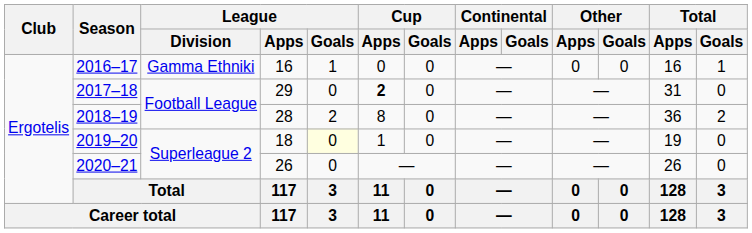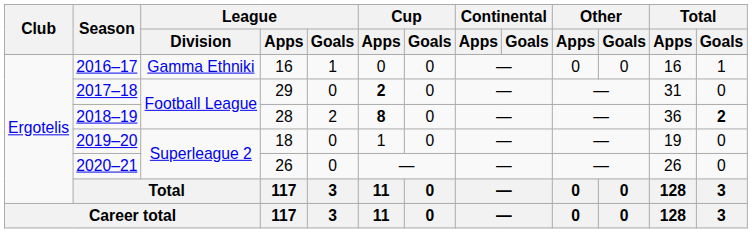 <table class="wikitable" style="text-align:center">
 <tr>
 <th rowspan="2">Club</th>
 <th rowspan="2">Season</th>
 <th colspan="3">League</th>
 <th colspan="2">Cup</th>
 <th colspan="2">Continental</th>
 <th colspan="2">Other</th>
 <th colspan="2">Total</th>
 </tr>
 <tr>
 <th>Division</th>
 <th>Apps</th>
 <th>Goals</th>
 <th>Apps</th>
 <th>Goals</th>
 <th>Apps</th>
 <th>Goals</th>
 <th>Apps</th>
 <th>Goals</th>
 <th>Apps</th>
 <th>Goals</th>
 </tr>
 <tr>
 <td rowspan="6"><a href='#'>Ergotelis</a></td>
 <td><a href='#'>2016–17</a></td>
 <td><a href='#'>Gamma Ethniki</a></td>
 <td>16</td>
 <td>1</td>
 <td>0</td>
 <td>0</td>
 <td colspan="2">—</td>
 <td>0</td>
 <td>0</td>
 <td>16</td>
 <td>1</td>
 </tr>
 <tr>
 <td><a href='#'>2017–18</a></td>
 <td rowspan="2"><a href='#'>Football League</a></td>
 <td>29</td>
 <td>0</td>
 <td><strong>2</strong></td>
 <td>0</td>
 <td colspan="2">—</td>
 <td colspan="2">—</td>
 <td>31</td>
 <td>0</td>
 </tr>
 <tr>
 <td><a href='#'>2018–19</a></td>
 <td>28</td>
 <td>2</td>
-<td>8</td>
+<td><strong>8</strong></td>
 <td>0</td>
 <td colspan="2">—</td>
 <td colspan="2">—</td>
 <td>36</td>
-<td>2</td>
+<td><strong>2</strong></td>
 </tr>
 <tr>
 <td><a href='#'>2019–20</a></td>
 <td rowspan="2"><a href='#'>Superleague 2</a></td>
 <td>18</td>
-<td style="background: lightyellow;">0</td>
+<td>0</td>
 <td>1</td>
 <td>0</td>
 <td colspan="2">—</td>
 <td colspan="2">—</td>
 <td>19</td>
 <td>0</td>
 </tr>
 <tr>
 <td><a href='#'>2020–21</a></td>
 <td>26</td>
 <td>0</td>
 <td colspan="2">—</td>
 <td colspan="2">—</td>
 <td colspan="2">—</td>
 <td>26</td>
 <td>0</td>
 </tr>
 <tr>
 <th colspan="2">Total</th>
 <th>117</th>
 <th>3</th>
 <th>11</th>
 <th>0</th>
 <th colspan="2">—</th>
 <th>0</th>
 <th>0</th>
 <th>128</th>
 <th>3</th>
 </tr>
 <tr>
 <th colspan="3">Career total</th>
 <th>117</th>
 <th>3</th>
 <th>11</th>
 <th>0</th>
 <th colspan="2">—</th>
 <th>0</th>
 <th>0</th>
 <th>128</th>
 <th>3</th>
 </tr>
 </table>
